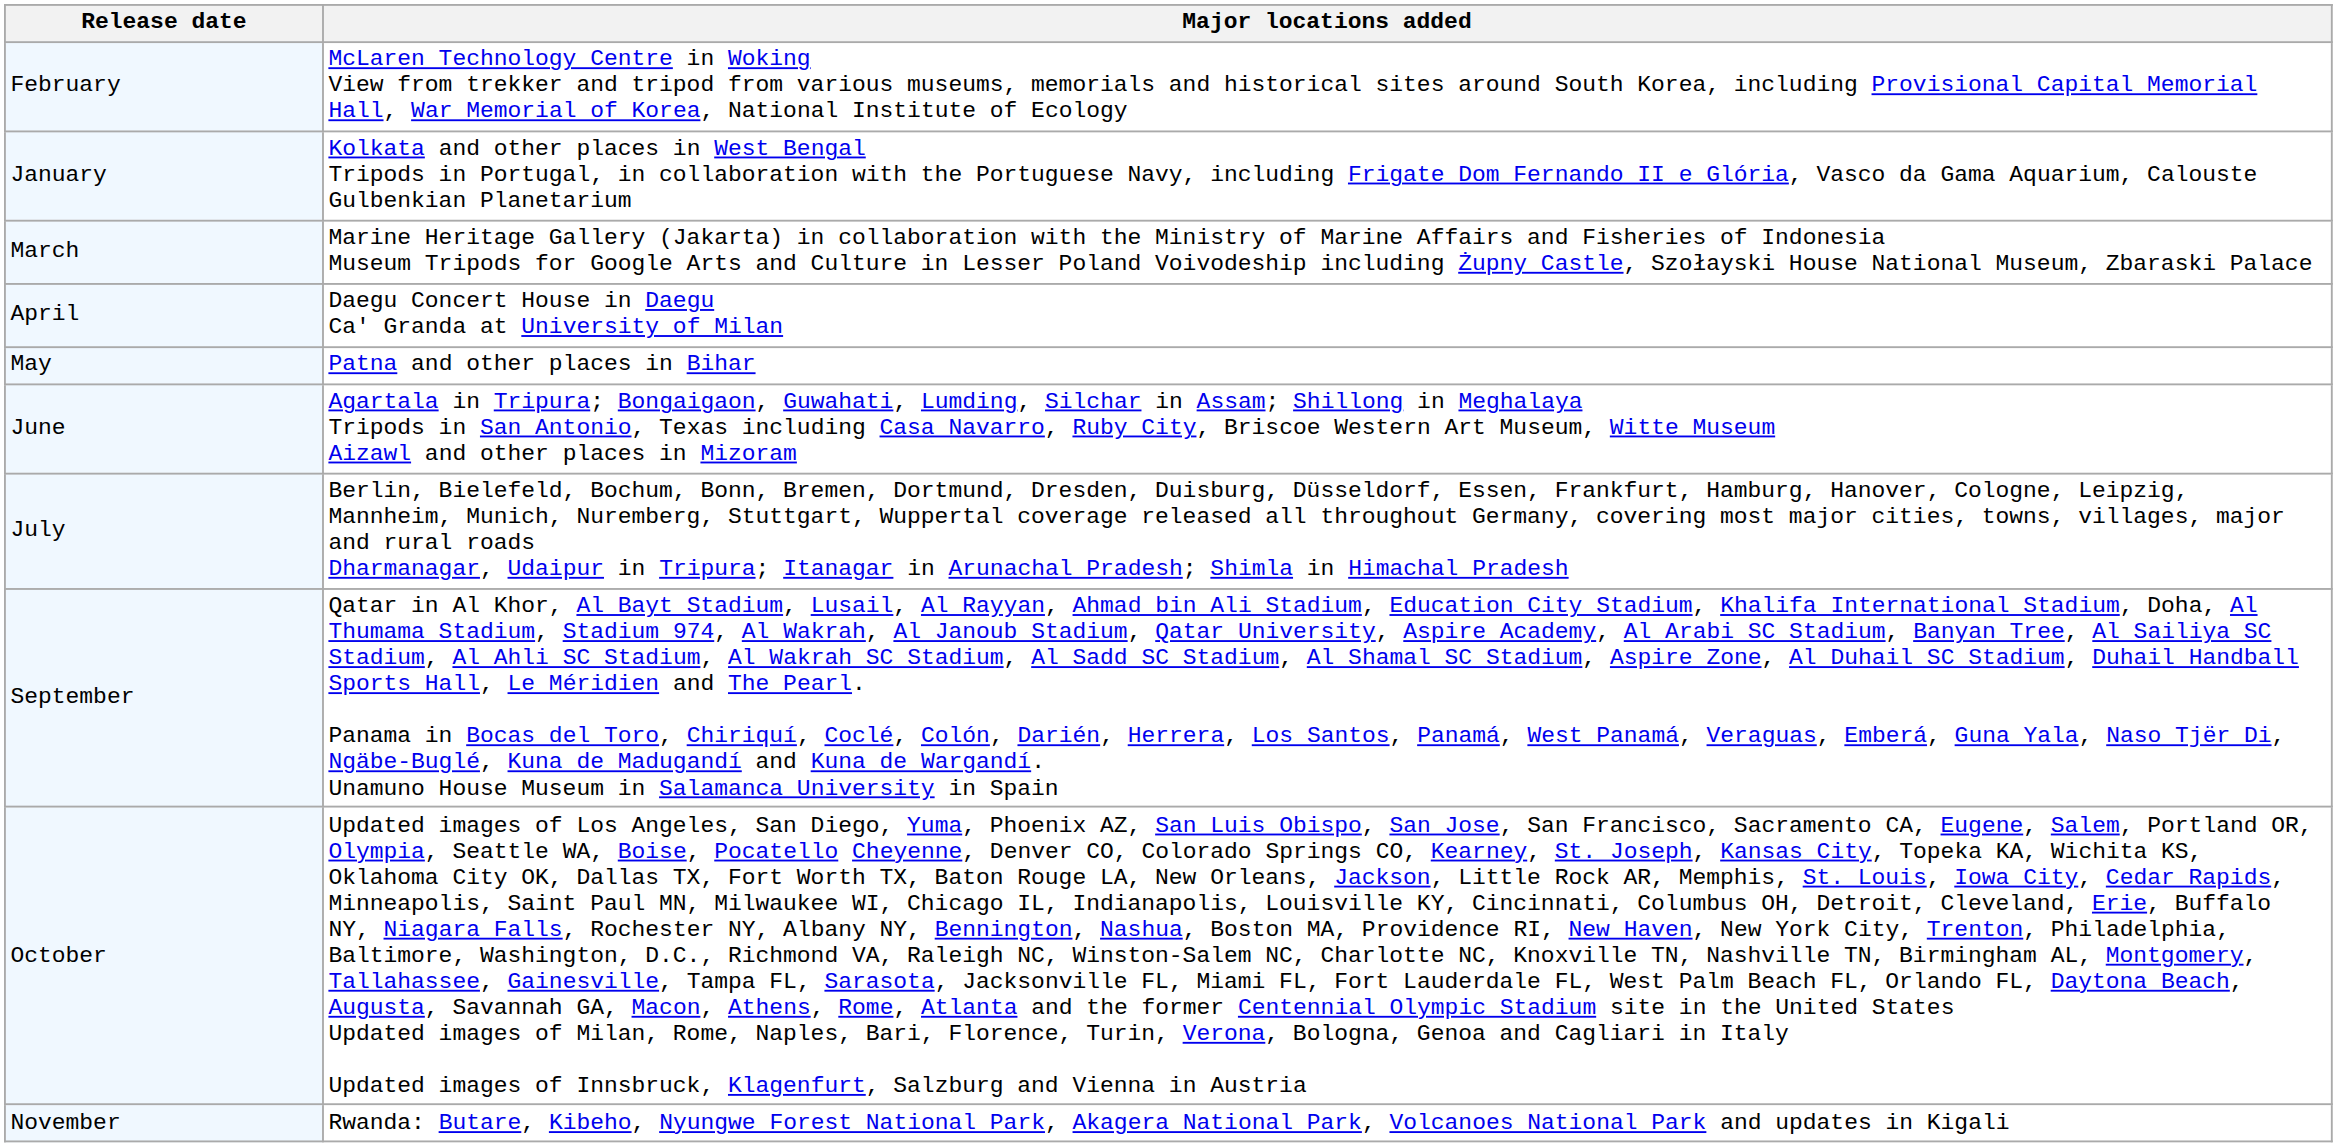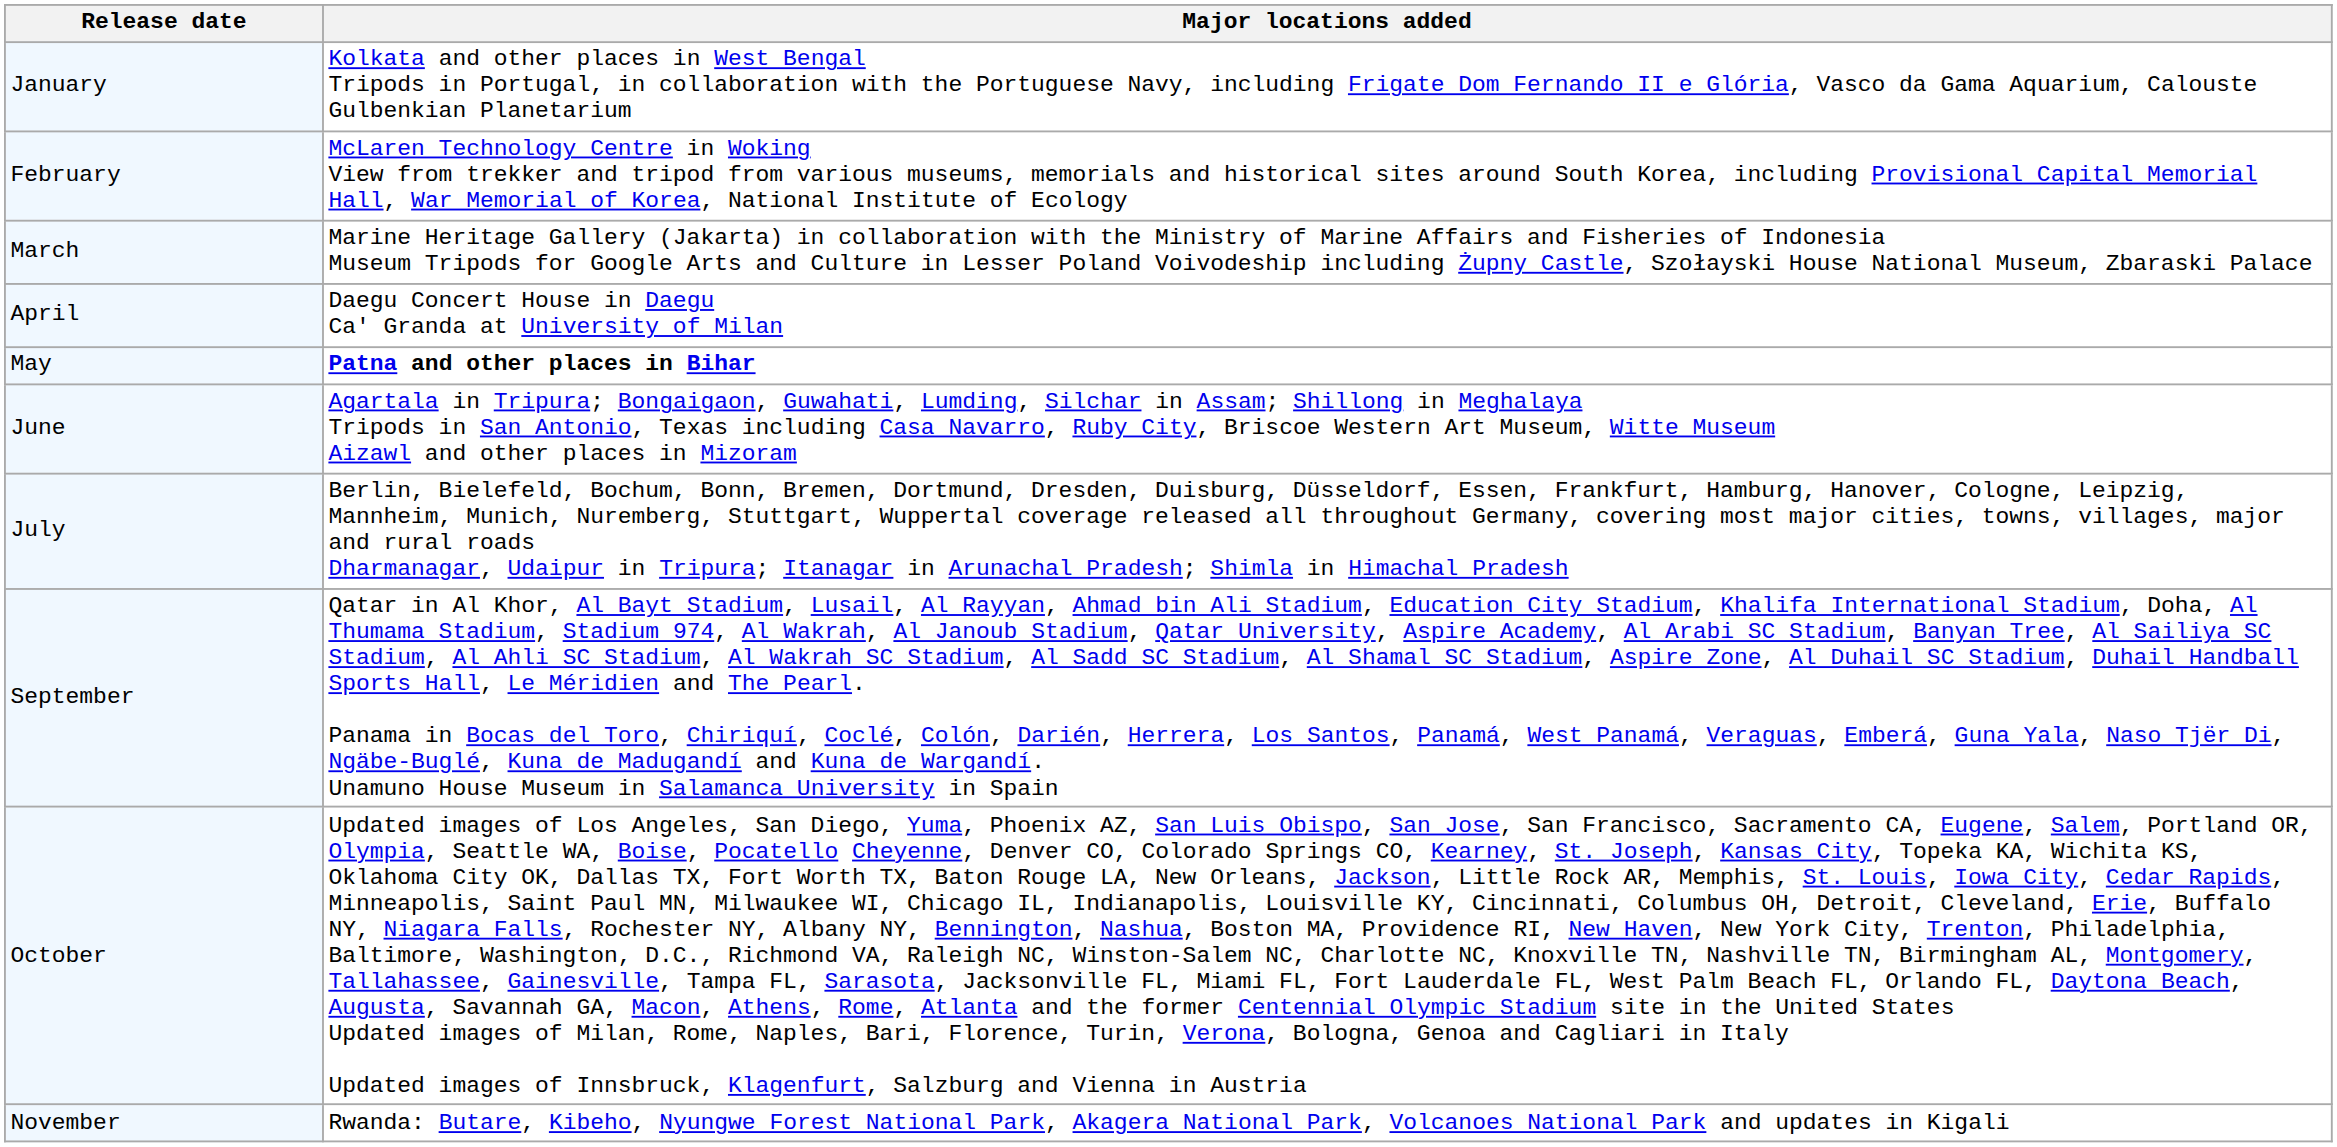 <table class="wikitable" style="font-size:95%">
 <tr>
 <th style="width:165px;">Release date</th>
 <th>Major locations added</th>
 </tr>
 <tr>
+<td style="background:#f0f8ff;">January</td>
+<td style="background:#fff;"><a href='#'>Kolkata</a> and other places in <a href='#'>West Bengal</a> <br>Tripods in Portugal, in collaboration with the Portuguese Navy, including <a href='#'>Frigate Dom Fernando II e Glória</a>, Vasco da Gama Aquarium, Calouste Gulbenkian Planetarium</td>
+</tr>
+<tr>
 <td style="background:#f0f8ff;">February</td>
 <td style="background:#fff;"><a href='#'>McLaren Technology Centre</a> in <a href='#'>Woking</a> <br>View from trekker and tripod from various museums, memorials and historical sites around South Korea, including <a href='#'>Provisional Capital Memorial Hall</a>, <a href='#'>War Memorial of Korea</a>, National Institute of Ecology</td>
-</tr>
-<tr>
-<td style="background:#f0f8ff;">January</td>
-<td style="background:#fff;"><a href='#'>Kolkata</a> and other places in <a href='#'>West Bengal</a> <br>Tripods in Portugal, in collaboration with the Portuguese Navy, including <a href='#'>Frigate Dom Fernando II e Glória</a>, Vasco da Gama Aquarium, Calouste Gulbenkian Planetarium</td>
 </tr>
 <tr>
 <td style="background:#f0f8ff;">March</td>
 <td style="background:#fff;">Marine Heritage Gallery (Jakarta) in collaboration with the Ministry of Marine Affairs and Fisheries of Indonesia <br>Museum Tripods for Google Arts and Culture in Lesser Poland Voivodeship including <a href='#'>Żupny Castle</a>, Szołayski House National Museum, Zbaraski Palace</td>
 </tr>
 <tr>
 <td style="background:#f0f8ff;">April</td>
 <td style="background:#fff;">Daegu Concert House in <a href='#'>Daegu</a> <br>Ca' Granda at <a href='#'>University of Milan</a></td>
 </tr>
 <tr>
 <td style="background:#f0f8ff;">May</td>
-<td style="background:#fff;"><a href='#'>Patna</a> and other places in <a href='#'>Bihar</a></td>
+<td style="background:#fff;"><strong><a href='#'>Patna</a> and other places in <a href='#'>Bihar</a></strong></td>
 </tr>
 <tr>
 <td style="background:#f0f8ff;">June</td>
 <td style="background:#fff;"><a href='#'>Agartala</a> in <a href='#'>Tripura</a>; <a href='#'>Bongaigaon</a>, <a href='#'>Guwahati</a>, <a href='#'>Lumding</a>, <a href='#'>Silchar</a> in <a href='#'>Assam</a>; <a href='#'>Shillong</a> in <a href='#'>Meghalaya</a><br>Tripods in <a href='#'>San Antonio</a>, Texas including <a href='#'>Casa Navarro</a>, <a href='#'>Ruby City</a>, Briscoe Western Art Museum, <a href='#'>Witte Museum</a><br><a href='#'>Aizawl</a> and other places in <a href='#'>Mizoram</a></td>
 </tr>
 <tr>
 <td style="background:#f0f8ff;">July</td>
 <td style="background:#fff;">Berlin, Bielefeld, Bochum, Bonn, Bremen, Dortmund, Dresden, Duisburg, Düsseldorf, Essen, Frankfurt, Hamburg, Hanover, Cologne, Leipzig, Mannheim, Munich, Nuremberg, Stuttgart, Wuppertal coverage released all throughout Germany, covering most major cities, towns, villages, major and rural roads<br> <a href='#'>Dharmanagar</a>, <a href='#'>Udaipur</a> in <a href='#'>Tripura</a>; <a href='#'>Itanagar</a> in <a href='#'>Arunachal Pradesh</a>; <a href='#'>Shimla</a> in <a href='#'>Himachal Pradesh</a></td>
 </tr>
 <tr>
 <td style="background:#f0f8ff;">September</td>
 <td style="background:#fff;">Qatar in Al Khor, <a href='#'>Al Bayt Stadium</a>, <a href='#'>Lusail</a>, <a href='#'>Al Rayyan</a>, <a href='#'>Ahmad bin Ali Stadium</a>, <a href='#'>Education City Stadium</a>, <a href='#'>Khalifa International Stadium</a>, Doha, <a href='#'>Al Thumama Stadium</a>, <a href='#'>Stadium 974</a>, <a href='#'>Al Wakrah</a>, <a href='#'>Al Janoub Stadium</a>, <a href='#'>Qatar University</a>, <a href='#'>Aspire Academy</a>, <a href='#'>Al Arabi SC Stadium</a>, <a href='#'>Banyan Tree</a>, <a href='#'>Al Sailiya SC Stadium</a>, <a href='#'>Al Ahli SC Stadium</a>, <a href='#'>Al Wakrah SC Stadium</a>, <a href='#'>Al Sadd SC Stadium</a>, <a href='#'>Al Shamal SC Stadium</a>, <a href='#'>Aspire Zone</a>, <a href='#'>Al Duhail SC Stadium</a>, <a href='#'>Duhail Handball Sports Hall</a>, <a href='#'>Le Méridien</a> and <a href='#'>The Pearl</a>.<br><br>Panama in <a href='#'>Bocas del Toro</a>, <a href='#'>Chiriquí</a>, <a href='#'>Coclé</a>, <a href='#'>Colón</a>, <a href='#'>Darién</a>, <a href='#'>Herrera</a>, <a href='#'>Los Santos</a>, <a href='#'>Panamá</a>, <a href='#'>West Panamá</a>, <a href='#'>Veraguas</a>, <a href='#'>Emberá</a>, <a href='#'>Guna Yala</a>, <a href='#'>Naso Tjër Di</a>, <a href='#'>Ngäbe-Buglé</a>, <a href='#'>Kuna de Madugandí</a> and <a href='#'>Kuna de Wargandí</a>. <br>Unamuno House Museum in <a href='#'>Salamanca University</a> in Spain</td>
 </tr>
 <tr>
 <td style="background:#f0f8ff;">October</td>
 <td style="background:#fff;">Updated images of Los Angeles, San Diego, <a href='#'>Yuma</a>, Phoenix AZ, <a href='#'>San Luis Obispo</a>, <a href='#'>San Jose</a>, San Francisco, Sacramento CA, <a href='#'>Eugene</a>, <a href='#'>Salem</a>, Portland OR, <a href='#'>Olympia</a>, Seattle WA, <a href='#'>Boise</a>, <a href='#'>Pocatello</a> <a href='#'>Cheyenne</a>, Denver CO, Colorado Springs CO, <a href='#'>Kearney</a>, <a href='#'>St. Joseph</a>, <a href='#'>Kansas City</a>, Topeka KA, Wichita KS, Oklahoma City OK, Dallas TX, Fort Worth TX, Baton Rouge LA, New Orleans, <a href='#'>Jackson</a>, Little Rock AR, Memphis, <a href='#'>St. Louis</a>,  <a href='#'>Iowa City</a>, <a href='#'>Cedar Rapids</a>, Minneapolis, Saint Paul MN, Milwaukee WI, Chicago IL, Indianapolis, Louisville KY, Cincinnati, Columbus OH, Detroit, Cleveland, <a href='#'>Erie</a>, Buffalo NY, <a href='#'>Niagara Falls</a>, Rochester NY, Albany NY, <a href='#'>Bennington</a>, <a href='#'>Nashua</a>, Boston MA, Providence RI, <a href='#'>New Haven</a>, New York City, <a href='#'>Trenton</a>, Philadelphia, Baltimore, Washington, D.C., Richmond VA, Raleigh NC, Winston-Salem NC, Charlotte NC, Knoxville TN, Nashville TN, Birmingham AL, <a href='#'>Montgomery</a>, <a href='#'>Tallahassee</a>, <a href='#'>Gainesville</a>, Tampa FL, <a href='#'>Sarasota</a>, Jacksonville FL, Miami FL, Fort Lauderdale FL, West Palm Beach FL, Orlando FL, <a href='#'>Daytona Beach</a>, <a href='#'>Augusta</a>, Savannah GA, <a href='#'>Macon</a>, <a href='#'>Athens</a>, <a href='#'>Rome</a>, <a href='#'>Atlanta</a> and the former <a href='#'>Centennial Olympic Stadium</a> site in the United States<br>Updated images of Milan, Rome, Naples, Bari, Florence, Turin, <a href='#'>Verona</a>, Bologna, Genoa and Cagliari in Italy<br><br>Updated images of Innsbruck, <a href='#'>Klagenfurt</a>, Salzburg and Vienna in Austria</td>
 </tr>
 <tr>
 <td style="background:#f0f8ff;">November</td>
 <td style="background:#fff;">Rwanda: <a href='#'>Butare</a>, <a href='#'>Kibeho</a>, <a href='#'>Nyungwe Forest National Park</a>, <a href='#'>Akagera National Park</a>, <a href='#'>Volcanoes National Park</a> and updates in Kigali</td>
 </tr>
 </table>
